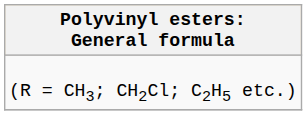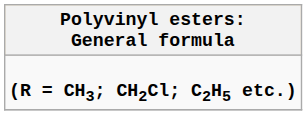 <table class="wikitable floatright" style="text-align:center">
 <tr style="background:#FFDEAD;">
 <th>Polyvinyl esters:<br>General formula</th>
 </tr>
 <tr>
-<td><br> (R = CH<sub>3</sub>; CH<sub>2</sub>Cl; C<sub>2</sub>H<sub>5</sub> etc.)</td>
+<td><strong><br> (R = CH<sub>3</sub>; CH<sub>2</sub>Cl; C<sub>2</sub>H<sub>5</sub> etc.)</strong></td>
 </tr>
 <tr>
 </tr>
 </table>
